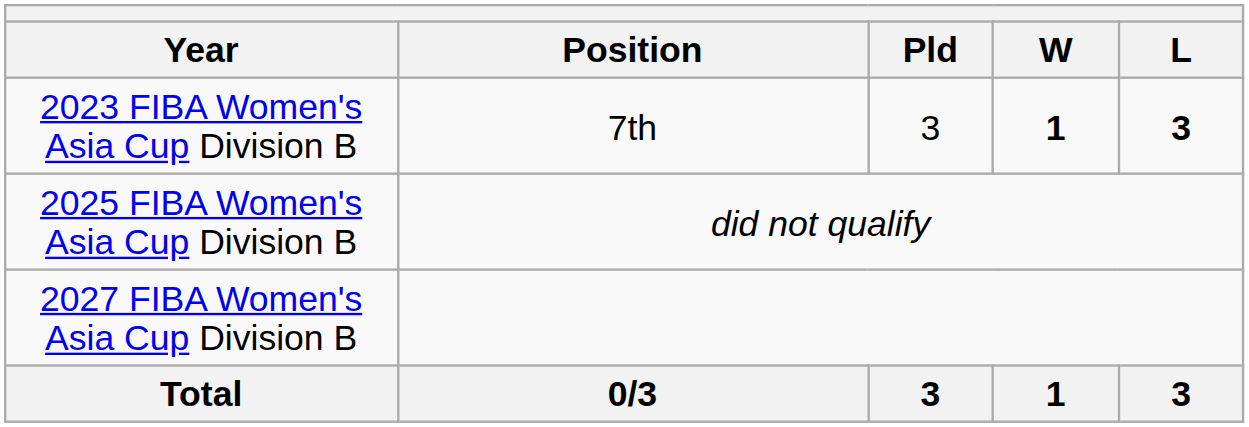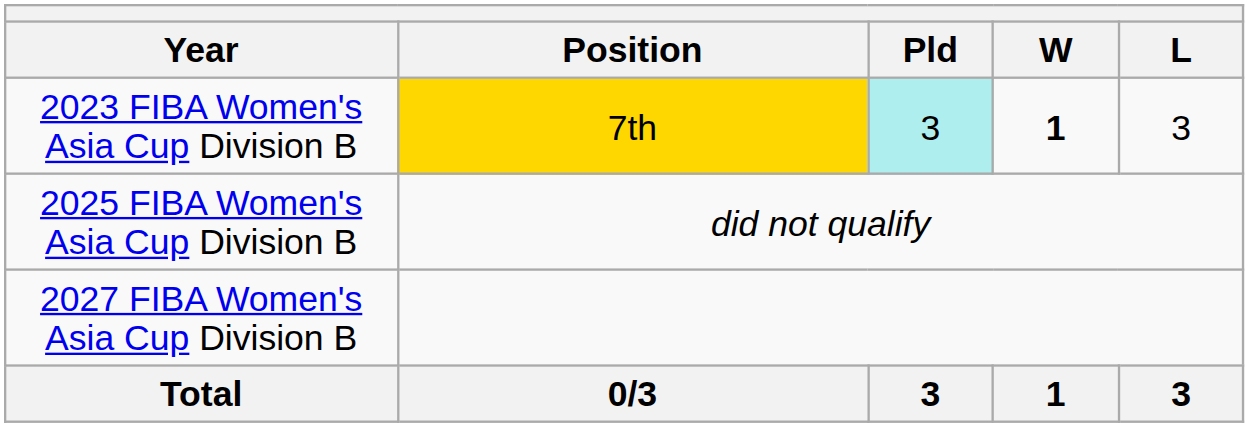 <table class="wikitable collapsible autocollapse"  style="text-align:center; font-size:95%; width:60%;">
 <tr>
 <th colspan=9></th>
 </tr>
 <tr>
 <th width=25%>Year</th>
 <th width=30%>Position</th>
 <th width=8%>Pld</th>
 <th width=8%>W</th>
 <th width=8%>L</th>
 </tr>
 <tr>
 <td> <a href='#'>2023 FIBA Women's Asia Cup</a> Division B</td>
-<td>7th</td>
+<td style="background: gold;">7th</td>
+<td style="background: paleturquoise;">3</td>
+<td><strong>1</strong></td>
 <td>3</td>
-<td><strong>1</strong></td>
-<td><strong>3</strong></td>
 </tr>
 <tr>
 <td> <a href='#'>2025 FIBA Women's Asia Cup</a> Division B</td>
 <td colspan=5><em>did not qualify</em></td>
 </tr>
 <tr>
 <td> <a href='#'>2027 FIBA Women's Asia Cup</a>  Division B</td>
 </tr>
 <tr>
 <th>Total</th>
 <th>0/3</th>
 <th>3</th>
 <th>1</th>
 <th>3</th>
 </tr>
 </table>
